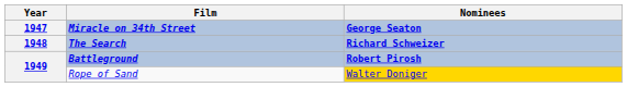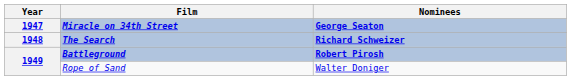 <table class="wikitable sortable" width="95%" cellpadding="5">
 <tr>
 <th width="10%">Year</th>
 <th width="45%">Film</th>
 <th width="45%">Nominees</th>
 </tr>
 <tr>
 <th rowspan="1" style="text-align:center;"><a href='#'>1947</a></th>
 <td style="background:#B0C4DE;"><strong><em><a href='#'>Miracle on 34th Street</a></em></strong></td>
 <td style="background:#B0C4DE;"><strong><a href='#'>George Seaton</a> </strong></td>
 </tr>
 <tr>
 <th rowspan="1" style="text-align:center;"><a href='#'>1948</a></th>
 <td style="background:#B0C4DE;"><strong><em><a href='#'>The Search</a></em></strong></td>
 <td style="background:#B0C4DE;"><strong><a href='#'>Richard Schweizer</a> </strong></td>
 </tr>
 <tr>
 <th rowspan="2" style="text-align:center;"><a href='#'>1949</a></th>
 <td style="background:#B0C4DE;"><strong><em><a href='#'>Battleground</a></em></strong></td>
 <td style="background:#B0C4DE;"><strong><a href='#'>Robert Pirosh</a> </strong></td>
 </tr>
 <tr>
 <td><em><a href='#'>Rope of Sand</a></em></td>
-<td style="background: gold;"><a href='#'>Walter Doniger</a></td>
+<td><a href='#'>Walter Doniger</a></td>
 </tr>
 </table>
